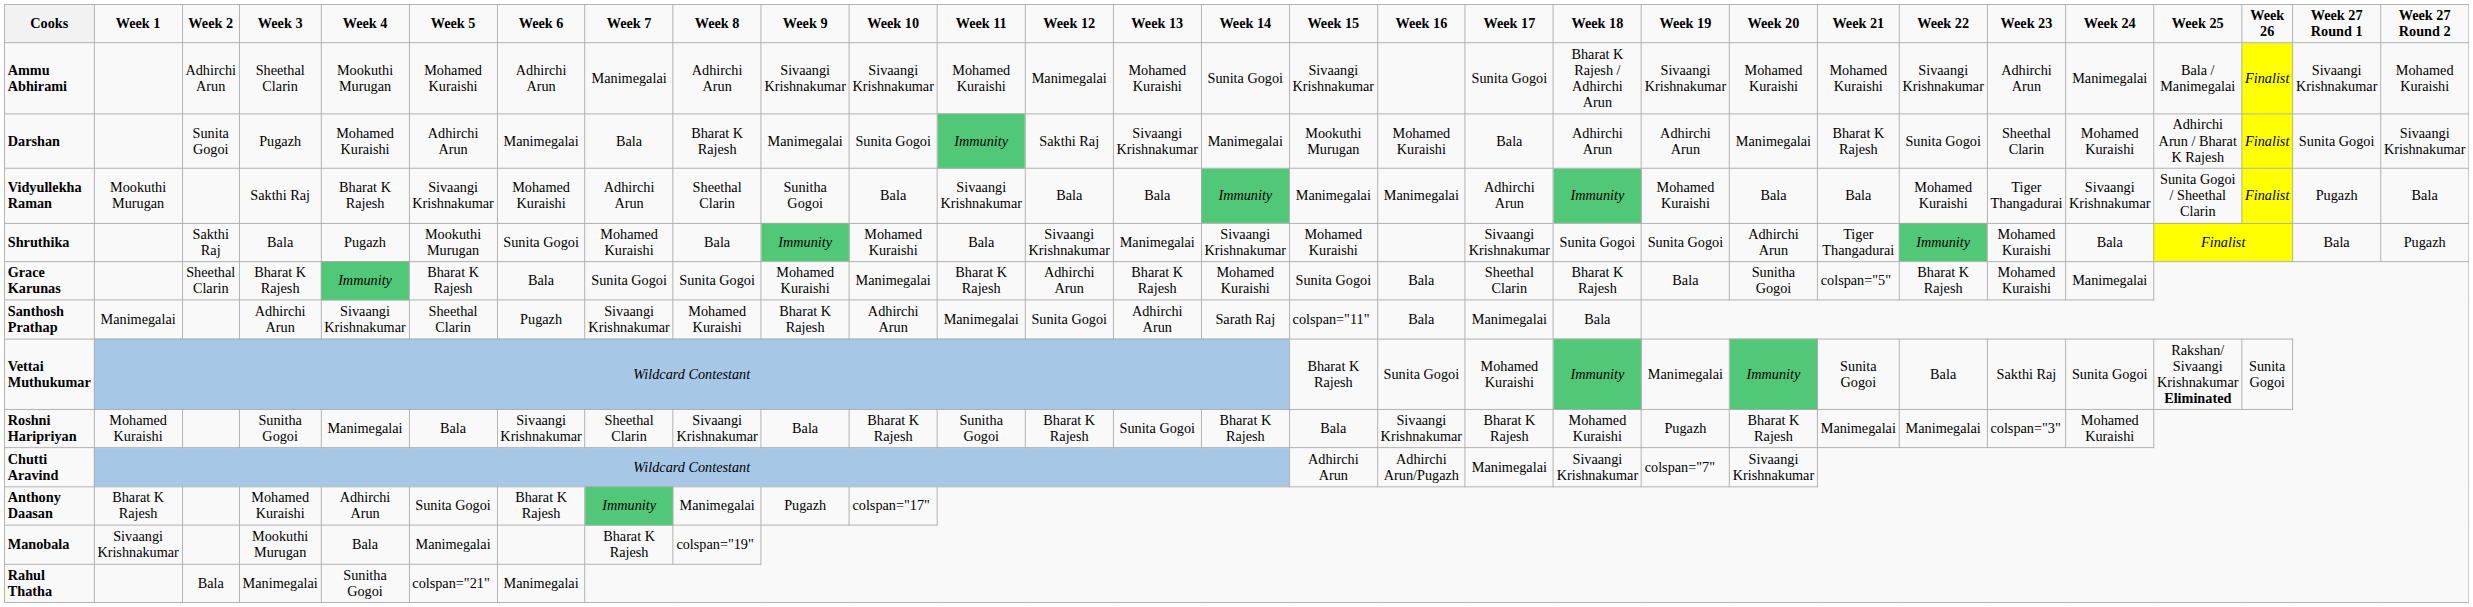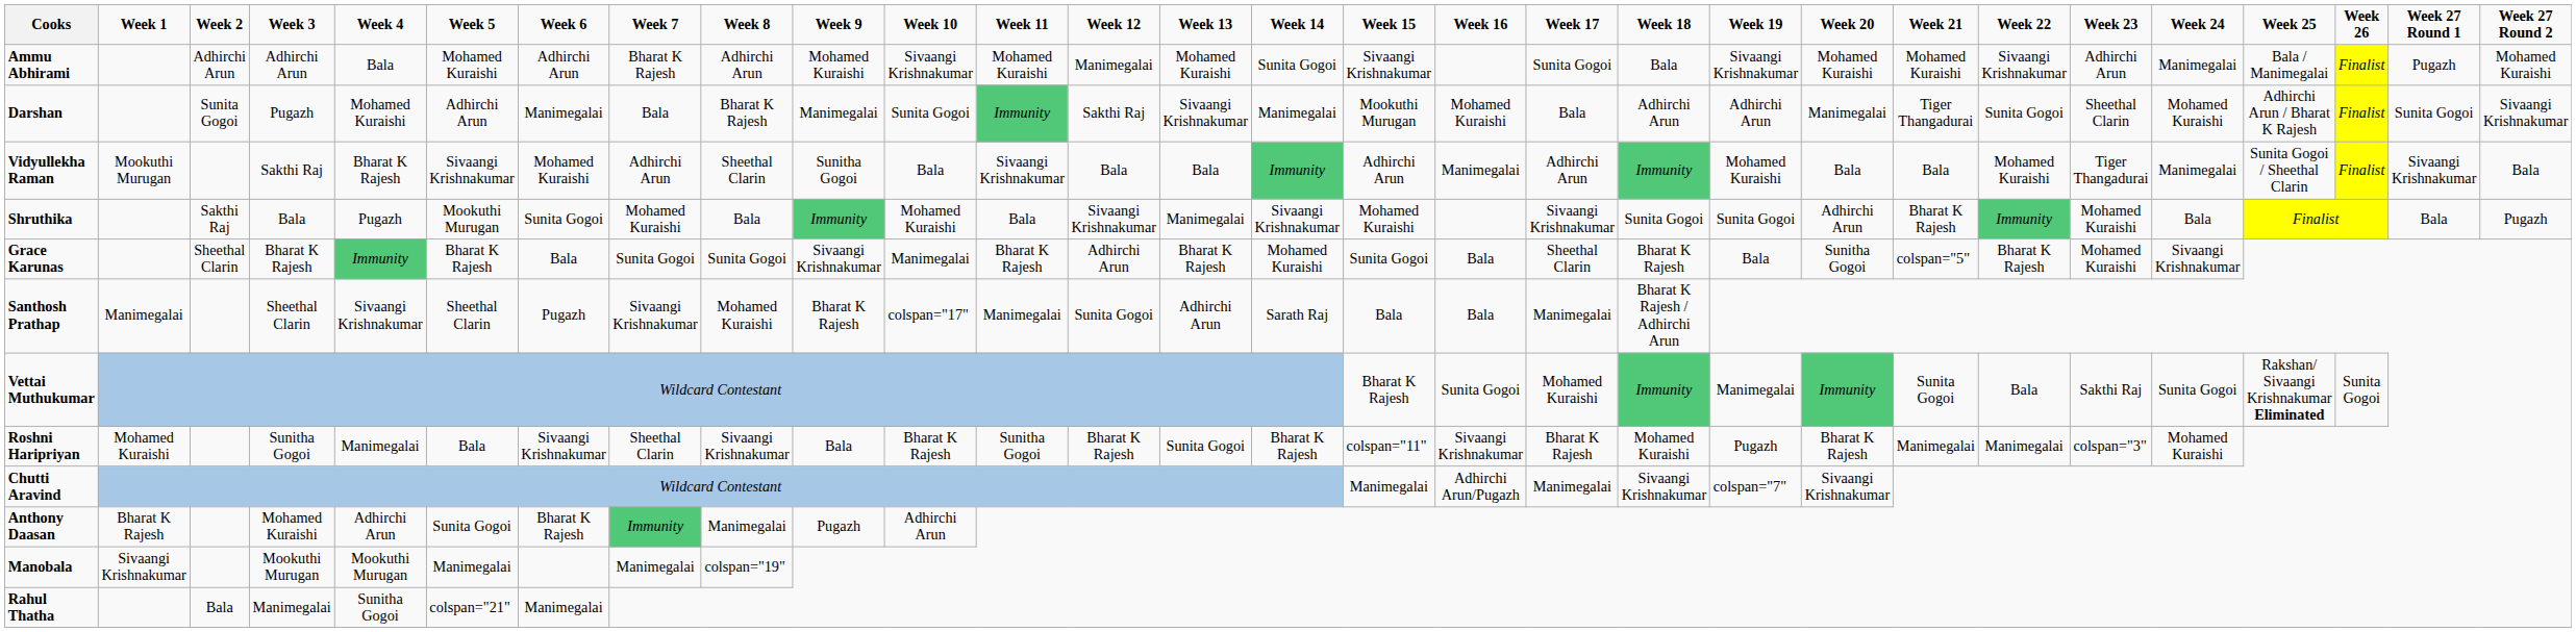 <table class="wikitable sortable plainrowheaders" width="100%" textcolor:"#000;">
 <tr>
 <th><strong>Cooks<br></strong></th>
 <td scope="col" width=10% style="text-align:center;"><strong>Week 1</strong></td>
 <td scope="col" width=10% style="text-align:center;"><strong>Week 2</strong></td>
 <td scope="col" width=10% style="text-align:center;"><strong>Week 3</strong></td>
 <td scope="col" width=10% style="text-align:center;"><strong>Week 4</strong></td>
 <td scope="col" width=10% style="text-align:center;"><strong>Week 5</strong></td>
 <td scope="col" width=10% style="text-align:center;"><strong>Week 6</strong></td>
 <td scope="col" width=10% style="text-align:center;"><strong>Week 7</strong></td>
 <td scope="col" width=10% style="text-align:center;"><strong>Week 8</strong></td>
 <td scope="col" width=10% style="text-align:center;"><strong>Week 9</strong></td>
 <td scope="col" width=10% style="text-align:center;"><strong>Week 10</strong></td>
 <td scope="col" width=10% style="text-align:center;"><strong>Week 11</strong></td>
 <td scope="col" width=10% style="text-align:center;"><strong>Week 12</strong></td>
 <td scope="col" width=10% style="text-align:center;"><strong>Week 13</strong></td>
 <td scope="col" width=10% style="text-align:center;"><strong>Week 14</strong></td>
 <td scope="col" width=10% style="text-align:center;"><strong>Week 15</strong></td>
 <td scope="col" width=10% style="text-align:center;"><strong>Week 16</strong></td>
 <td scope="col" width=10% style="text-align:center;"><strong>Week 17</strong></td>
 <td scope="col" width=10% style="text-align:center;"><strong>Week 18</strong></td>
 <td scope="col" width=10% style="text-align:center;"><strong>Week 19</strong></td>
 <td scope="col" width=10% style="text-align:center;"><strong>Week 20</strong></td>
 <td scope="col" width=10% style="text-align:center;"><strong>Week 21</strong></td>
 <td scope="col" width=10% style="text-align:center;"><strong>Week 22</strong></td>
 <td scope="col" width=10% style="text-align:center;"><strong>Week 23</strong></td>
 <td scope="col" width=10% style="text-align:center;"><strong>Week 24</strong></td>
 <td style="text-align:center;"><strong>Week 25</strong></td>
 <td style="text-align:center;"><strong>Week 26</strong></td>
 <td style="text-align:center;"><strong>Week 27 Round 1</strong></td>
 <td style="text-align:center;"><strong>Week 27 Round 2</strong></td>
 </tr>
 <tr>
 <td><strong>Ammu Abhirami</strong></td>
 <td></td>
 <td style="text-align:center;">Adhirchi Arun</td>
-<td style="text-align:center;">Sheethal Clarin</td>
-<td style="text-align:center;">Mookuthi Murugan</td>
+<td style="text-align:center;">Adhirchi Arun</td>
+<td style="text-align:center;">Bala</td>
 <td style="text-align:center;">Mohamed Kuraishi</td>
 <td style="text-align:center;">Adhirchi Arun</td>
-<td style="text-align:center;">Manimegalai</td>
+<td style="text-align:center;">Bharat K Rajesh</td>
 <td style="text-align:center;">Adhirchi Arun</td>
-<td style="text-align:center;">Sivaangi Krishnakumar</td>
+<td style="text-align:center;">Mohamed Kuraishi</td>
 <td style="text-align:center;">Sivaangi Krishnakumar</td>
 <td style="text-align:center;">Mohamed Kuraishi</td>
 <td style="text-align:center;">Manimegalai</td>
 <td style="text-align:center;">Mohamed Kuraishi</td>
 <td style="text-align:center;">Sunita Gogoi</td>
 <td style="text-align:center;">Sivaangi Krishnakumar</td>
 <td></td>
 <td style="text-align:center;">Sunita Gogoi</td>
-<td style="text-align:center;">Bharat K Rajesh / Adhirchi Arun</td>
+<td style="text-align:center;">Bala</td>
 <td style="text-align:center;">Sivaangi Krishnakumar</td>
 <td style="text-align:center;">Mohamed Kuraishi</td>
 <td style="text-align:center;">Mohamed Kuraishi</td>
 <td style="text-align:center;">Sivaangi Krishnakumar</td>
 <td style="text-align:center;">Adhirchi Arun</td>
 <td style="text-align:center;">Manimegalai</td>
 <td style="text-align:center;">Bala / Manimegalai</td>
 <td style="background:#FFFF00; text-align:center;"><em>Finalist</em></td>
-<td style="text-align:center;">Sivaangi Krishnakumar</td>
+<td style="text-align:center;">Pugazh</td>
 <td style="text-align:center;">Mohamed Kuraishi</td>
 </tr>
 <tr>
 <td><strong>Darshan</strong></td>
 <td></td>
 <td style="text-align:center;">Sunita Gogoi</td>
 <td style="text-align:center;">Pugazh</td>
 <td style="text-align:center;">Mohamed Kuraishi</td>
 <td style="text-align:center;">Adhirchi Arun</td>
 <td style="text-align:center;">Manimegalai</td>
 <td style="text-align:center;">Bala</td>
 <td style="text-align:center;">Bharat K Rajesh</td>
 <td style="text-align:center;">Manimegalai</td>
 <td style="text-align:center;">Sunita Gogoi</td>
 <td style="background:#50C878; text-align:center;"><em>Immunity</em></td>
 <td style="text-align:center;">Sakthi Raj</td>
 <td style="text-align:center;">Sivaangi Krishnakumar</td>
 <td style="text-align:center;">Manimegalai</td>
 <td style="text-align:center;">Mookuthi Murugan</td>
 <td style="text-align:center;">Mohamed Kuraishi</td>
 <td style="text-align:center;">Bala</td>
 <td style="text-align:center;">Adhirchi Arun</td>
 <td style="text-align:center;">Adhirchi Arun</td>
 <td style="text-align:center;">Manimegalai</td>
-<td style="text-align:center;">Bharat K Rajesh</td>
+<td style="text-align:center;">Tiger Thangadurai</td>
 <td style="text-align:center;">Sunita Gogoi</td>
 <td style="text-align:center;">Sheethal Clarin</td>
 <td style="text-align:center;">Mohamed Kuraishi</td>
 <td style="text-align:center;">Adhirchi Arun / Bharat K Rajesh</td>
 <td style="background:#FFFF00; text-align:center;"><em>Finalist</em></td>
 <td style="text-align:center;">Sunita Gogoi</td>
 <td style="text-align:center;">Sivaangi Krishnakumar</td>
 </tr>
 <tr>
 <td><strong>Vidyullekha Raman</strong></td>
 <td style="text-align:center;">Mookuthi Murugan</td>
 <td></td>
 <td style="text-align:center;">Sakthi Raj</td>
 <td style="text-align:center;">Bharat K Rajesh</td>
 <td style="text-align:center;">Sivaangi Krishnakumar</td>
 <td style="text-align:center;">Mohamed Kuraishi</td>
 <td style="text-align:center;">Adhirchi Arun</td>
 <td style="text-align:center;">Sheethal Clarin</td>
 <td style="text-align:center;">Sunitha Gogoi</td>
 <td style="text-align:center;">Bala</td>
 <td style="text-align:center;">Sivaangi Krishnakumar</td>
 <td style="text-align:center;">Bala</td>
 <td style="text-align:center;">Bala</td>
 <td style="background:#50C878; text-align:center;"><em>Immunity</em></td>
-<td style="text-align:center;">Manimegalai</td>
+<td style="text-align:center;">Adhirchi Arun</td>
 <td style="text-align:center;">Manimegalai</td>
 <td style="text-align:center;">Adhirchi Arun</td>
 <td style="background:#50C878; text-align:center;"><em>Immunity</em></td>
 <td style="text-align:center;">Mohamed Kuraishi</td>
 <td style="text-align:center;">Bala</td>
 <td style="text-align:center;">Bala</td>
 <td style="text-align:center;">Mohamed Kuraishi</td>
 <td style="text-align:center;">Tiger Thangadurai</td>
-<td style="text-align:center;">Sivaangi Krishnakumar</td>
+<td style="text-align:center;">Manimegalai</td>
 <td style="text-align:center;">Sunita Gogoi / Sheethal Clarin</td>
 <td style="background:#FFFF00; text-align:center;"><em>Finalist</em></td>
-<td style="text-align:center;">Pugazh</td>
+<td style="text-align:center;">Sivaangi Krishnakumar</td>
 <td style="text-align:center;">Bala</td>
 </tr>
 <tr>
 <td><strong>Shruthika</strong></td>
 <td></td>
 <td style="text-align:center;">Sakthi Raj</td>
 <td style="text-align:center;">Bala</td>
 <td style="text-align:center;">Pugazh</td>
 <td style="text-align:center;">Mookuthi Murugan</td>
 <td style="text-align:center;">Sunita Gogoi</td>
 <td style="text-align:center;">Mohamed Kuraishi</td>
 <td style="text-align:center;">Bala</td>
 <td style="background:#50C878; text-align:center;"><em>Immunity</em></td>
 <td style="text-align:center;">Mohamed Kuraishi</td>
 <td style="text-align:center;">Bala</td>
 <td style="text-align:center;">Sivaangi Krishnakumar</td>
 <td style="text-align:center;">Manimegalai</td>
 <td style="text-align:center;">Sivaangi Krishnakumar</td>
 <td style="text-align:center;">Mohamed Kuraishi</td>
 <td></td>
 <td style="text-align:center;">Sivaangi Krishnakumar</td>
 <td style="text-align:center;">Sunita Gogoi</td>
 <td style="text-align:center;">Sunita Gogoi</td>
 <td style="text-align:center;">Adhirchi Arun</td>
-<td style="text-align:center;">Tiger Thangadurai</td>
+<td style="text-align:center;">Bharat K Rajesh</td>
 <td style="background:#50C878; text-align:center;"><em>Immunity</em></td>
 <td style="text-align:center;">Mohamed Kuraishi</td>
 <td style="text-align:center;">Bala</td>
 <td colspan="2" style="background:#FFFF00; text-align:center;"><em>Finalist</em></td>
 <td style="text-align:center;">Bala</td>
 <td style="text-align:center;">Pugazh</td>
 </tr>
 <tr>
 <td><strong>Grace</strong> <strong>Karunas</strong></td>
 <td></td>
 <td style="text-align:center;">Sheethal Clarin</td>
 <td style="text-align:center;">Bharat K Rajesh</td>
 <td style="background:#50C878; text-align:center;"><em>Immunity</em></td>
 <td style="text-align:center;">Bharat K Rajesh</td>
 <td style="text-align:center;">Bala</td>
 <td style="text-align:center;">Sunita Gogoi</td>
 <td style="text-align:center;">Sunita Gogoi</td>
-<td style="text-align:center;">Mohamed Kuraishi</td>
+<td style="text-align:center;">Sivaangi Krishnakumar</td>
 <td style="text-align:center;">Manimegalai</td>
 <td style="text-align:center;">Bharat K Rajesh</td>
 <td style="text-align:center;">Adhirchi Arun</td>
 <td style="text-align:center;">Bharat K Rajesh</td>
 <td style="text-align:center;">Mohamed Kuraishi</td>
 <td style="text-align:center;">Sunita Gogoi</td>
 <td style="text-align:center;">Bala</td>
 <td style="text-align:center;">Sheethal Clarin</td>
 <td style="text-align:center;">Bharat K Rajesh</td>
 <td style="text-align:center;">Bala</td>
 <td style="text-align:center;">Sunitha Gogoi</td>
 <td>colspan="5" </td>
 <td style="text-align:center;">Bharat K Rajesh</td>
 <td style="text-align:center;">Mohamed Kuraishi</td>
-<td style="text-align:center;">Manimegalai</td>
+<td style="text-align:center;">Sivaangi Krishnakumar</td>
 </tr>
 <tr>
 <td><strong>Santhosh</strong> <strong>Prathap</strong></td>
 <td style="text-align:center;">Manimegalai</td>
 <td></td>
-<td style="text-align:center;">Adhirchi Arun</td>
+<td style="text-align:center;">Sheethal Clarin</td>
 <td style="text-align:center;">Sivaangi Krishnakumar</td>
 <td style="text-align:center;">Sheethal Clarin</td>
 <td style="text-align:center;">Pugazh</td>
 <td style="text-align:center;">Sivaangi Krishnakumar</td>
 <td style="text-align:center;">Mohamed Kuraishi</td>
 <td style="text-align:center;">Bharat K Rajesh</td>
-<td style="text-align:center;">Adhirchi Arun</td>
+<td>colspan="17" </td>
 <td style="text-align:center;">Manimegalai</td>
 <td style="text-align:center;">Sunita Gogoi</td>
 <td style="text-align:center;">Adhirchi Arun</td>
 <td style="text-align:center;">Sarath Raj</td>
-<td>colspan="11" </td>
+<td style="text-align:center;">Bala</td>
 <td style="text-align:center;">Bala</td>
 <td style="text-align:center;">Manimegalai</td>
-<td style="text-align:center;">Bala</td>
+<td style="text-align:center;">Bharat K Rajesh / Adhirchi Arun</td>
 </tr>
 <tr>
 <td><strong>Vettai</strong> <strong>Muthukumar</strong></td>
 <td colspan="14" style="background:#A7C7E7; text-align:center;"><em>Wildcard Contestant</em></td>
 <td style="text-align:center;">Bharat K Rajesh</td>
 <td style="text-align:center;">Sunita Gogoi</td>
 <td style="text-align:center;">Mohamed Kuraishi</td>
 <td style="background:#50C878; text-align:center;"><em>Immunity</em></td>
 <td style="text-align:center;">Manimegalai</td>
 <td style="background:#50C878; text-align:center;"><em>Immunity</em></td>
 <td style="text-align:center;">Sunita Gogoi</td>
 <td style="text-align:center;">Bala</td>
 <td style="text-align:center;">Sakthi Raj</td>
 <td style="text-align:center;">Sunita Gogoi</td>
 <td style="text-align:center;">Rakshan/ Sivaangi Krishnakumar <strong>Eliminated</strong></td>
 <td style="text-align:center;">Sunita Gogoi</td>
 </tr>
 <tr>
 <td><strong>Roshni Haripriyan</strong></td>
 <td style="text-align:center;">Mohamed Kuraishi</td>
 <td></td>
 <td style="text-align:center;">Sunitha Gogoi</td>
 <td style="text-align:center;">Manimegalai</td>
 <td style="text-align:center;">Bala</td>
 <td style="text-align:center;">Sivaangi Krishnakumar</td>
 <td style="text-align:center;">Sheethal Clarin</td>
 <td style="text-align:center;">Sivaangi Krishnakumar</td>
 <td style="text-align:center;">Bala</td>
 <td style="text-align:center;">Bharat K Rajesh</td>
 <td style="text-align:center;">Sunitha Gogoi</td>
 <td style="text-align:center;">Bharat K Rajesh</td>
 <td style="text-align:center;">Sunita Gogoi</td>
 <td style="text-align:center;">Bharat K Rajesh</td>
-<td style="text-align:center;">Bala</td>
+<td>colspan="11" </td>
 <td style="text-align:center;">Sivaangi Krishnakumar</td>
 <td style="text-align:center;">Bharat K Rajesh</td>
 <td style="text-align:center;">Mohamed Kuraishi</td>
 <td style="text-align:center;">Pugazh</td>
 <td style="text-align:center;">Bharat K Rajesh</td>
 <td style="text-align:center;">Manimegalai</td>
 <td style="text-align:center;">Manimegalai</td>
 <td>colspan="3" </td>
 <td style="text-align:center;">Mohamed Kuraishi</td>
 </tr>
 <tr>
 <td><strong>Chutti</strong> <strong>Aravind</strong></td>
 <td colspan="14" style="background:#A7C7E7; text-align:center;"><em>Wildcard Contestant</em></td>
-<td style="text-align:center;">Adhirchi Arun</td>
+<td style="text-align:center;">Manimegalai</td>
 <td style="text-align:center;">Adhirchi Arun/Pugazh</td>
 <td style="text-align:center;">Manimegalai</td>
 <td style="text-align:center;">Sivaangi Krishnakumar</td>
 <td>colspan="7" </td>
 <td style="text-align:center;">Sivaangi Krishnakumar</td>
 </tr>
 <tr>
 <td><strong>Anthony</strong> <strong>Daasan</strong></td>
 <td style="text-align:center;">Bharat K Rajesh</td>
 <td></td>
 <td style="text-align:center;">Mohamed Kuraishi</td>
 <td style="text-align:center;">Adhirchi Arun</td>
 <td style="text-align:center;">Sunita Gogoi</td>
 <td style="text-align:center;">Bharat K Rajesh</td>
 <td style="background:#50C878; text-align:center;"><em>Immunity</em></td>
 <td style="text-align:center;">Manimegalai</td>
 <td style="text-align:center;">Pugazh</td>
-<td>colspan="17" </td>
+<td style="text-align:center;">Adhirchi Arun</td>
 </tr>
 <tr>
 <td><strong>Manobala</strong></td>
 <td style="text-align:center;">Sivaangi Krishnakumar</td>
 <td></td>
 <td style="text-align:center;">Mookuthi Murugan</td>
-<td style="text-align:center;">Bala</td>
+<td style="text-align:center;">Mookuthi Murugan</td>
 <td style="text-align:center;">Manimegalai</td>
 <td></td>
-<td style="text-align:center;">Bharat K Rajesh</td>
+<td style="text-align:center;">Manimegalai</td>
 <td>colspan="19" </td>
 </tr>
 <tr>
 <td><strong>Rahul Thatha</strong></td>
 <td></td>
 <td style="text-align:center;">Bala</td>
 <td style="text-align:center;">Manimegalai</td>
 <td style="text-align:center;">Sunitha Gogoi</td>
 <td>colspan="21" </td>
 <td style="text-align:center;">Manimegalai</td>
 </tr>
 </table>
